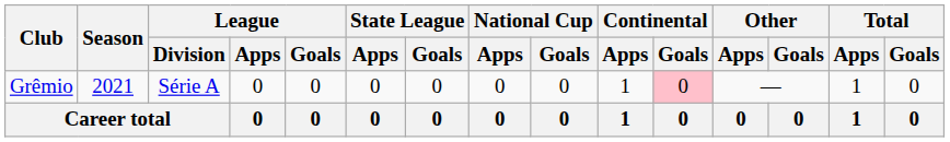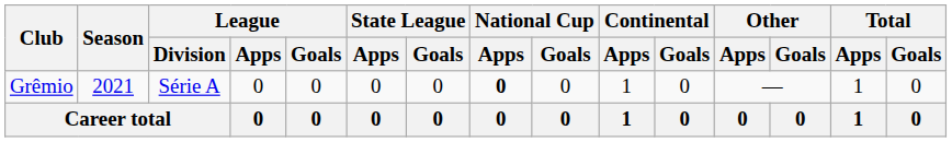 <table class="wikitable" style="text-align: center">
 <tr>
 <th rowspan="2">Club</th>
 <th rowspan="2">Season</th>
 <th colspan="3">League</th>
 <th colspan="2">State League</th>
 <th colspan="2">National Cup</th>
 <th colspan="2">Continental</th>
 <th colspan="2">Other</th>
 <th colspan="2">Total</th>
 </tr>
 <tr>
 <th>Division</th>
 <th>Apps</th>
 <th>Goals</th>
 <th>Apps</th>
 <th>Goals</th>
 <th>Apps</th>
 <th>Goals</th>
 <th>Apps</th>
 <th>Goals</th>
 <th>Apps</th>
 <th>Goals</th>
 <th>Apps</th>
 <th>Goals</th>
 </tr>
 <tr>
 <td><a href='#'>Grêmio</a></td>
 <td><a href='#'>2021</a></td>
 <td><a href='#'>Série A</a></td>
 <td>0</td>
 <td>0</td>
 <td>0</td>
 <td>0</td>
-<td>0</td>
+<td><strong>0</strong></td>
 <td>0</td>
 <td>1</td>
-<td style="background: pink;">0</td>
+<td>0</td>
 <td colspan="2">—</td>
 <td>1</td>
 <td>0</td>
 </tr>
 <tr>
 <th colspan="3"><strong>Career total</strong></th>
 <th>0</th>
 <th>0</th>
 <th>0</th>
 <th>0</th>
 <th>0</th>
 <th>0</th>
 <th>1</th>
 <th>0</th>
 <th>0</th>
 <th>0</th>
 <th>1</th>
 <th>0</th>
 </tr>
 </table>
